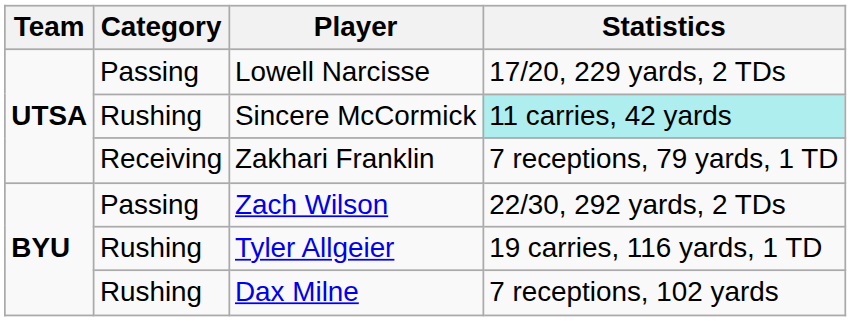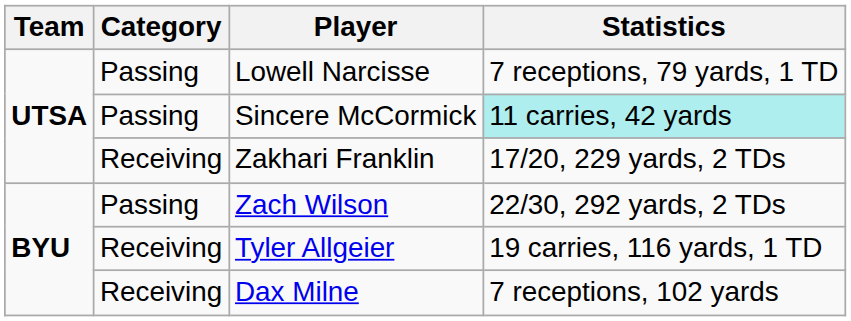 <table class="wikitable" style="float: left;">
 <tr>
 <th>Team</th>
 <th>Category</th>
 <th>Player</th>
 <th>Statistics</th>
 </tr>
 <tr>
 <td rowspan=3><strong>UTSA</strong></td>
 <td>Passing</td>
 <td>Lowell Narcisse</td>
-<td>17/20, 229 yards, 2 TDs</td>
+<td>7 receptions, 79 yards, 1 TD</td>
 </tr>
 <tr>
-<td>Rushing</td>
+<td>Passing</td>
 <td>Sincere McCormick</td>
 <td style="background: paleturquoise;">11 carries, 42 yards</td>
 </tr>
 <tr>
 <td>Receiving</td>
 <td>Zakhari Franklin</td>
-<td>7 receptions, 79 yards, 1 TD</td>
+<td>17/20, 229 yards, 2 TDs</td>
 </tr>
 <tr>
 <td rowspan=3><strong>BYU</strong></td>
 <td>Passing</td>
 <td><a href='#'>Zach Wilson</a></td>
 <td>22/30, 292 yards, 2 TDs</td>
 </tr>
 <tr>
-<td>Rushing</td>
+<td>Receiving</td>
 <td><a href='#'>Tyler Allgeier</a></td>
 <td>19 carries, 116 yards, 1 TD</td>
 </tr>
 <tr>
-<td>Rushing</td>
+<td>Receiving</td>
 <td><a href='#'>Dax Milne</a></td>
 <td>7 receptions, 102 yards</td>
 </tr>
 </table>
